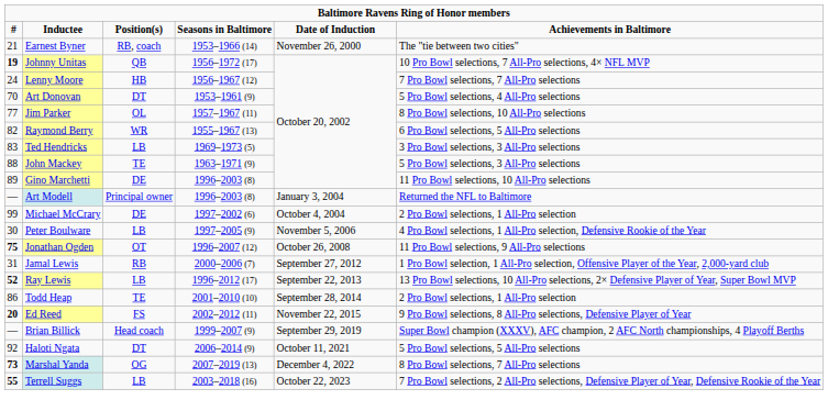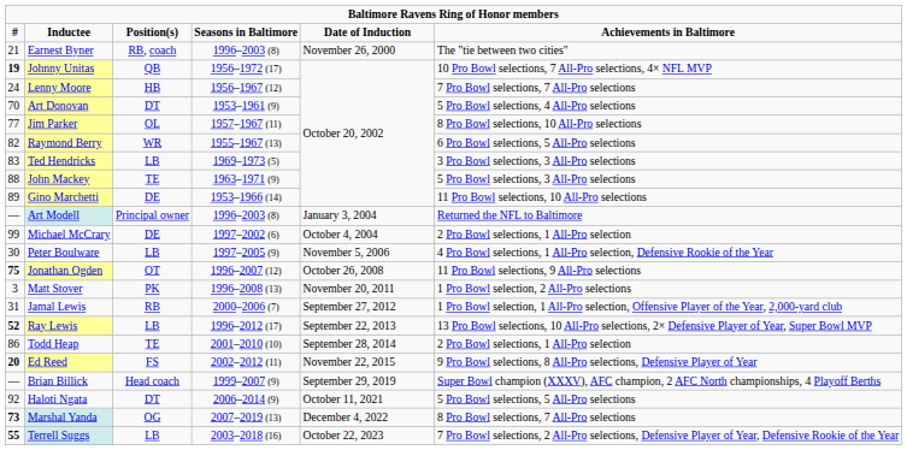 <table class="wikitable">
 <tr>
 <td colspan=6 style="text-align:center; "><strong>Baltimore Ravens Ring of Honor members</strong></td>
 </tr>
 <tr align="center">
 <td style="width:20px"><strong>#</strong></td>
 <td><strong>Inductee</strong></td>
 <td><strong>Position(s)</strong></td>
 <td><strong>Seasons in Baltimore</strong></td>
 <td style="width:15%"><strong>Date of Induction</strong></td>
 <td><strong>Achievements in Baltimore</strong></td>
 </tr>
 <tr>
 <td>21</td>
 <td><a href='#'>Earnest Byner</a></td>
 <td style="text-align:center;"><a href='#'>RB</a>, <a href='#'>coach</a></td>
-<td style="text-align:center;"><a href='#'>1953</a>–<a href='#'>1966</a> <small>(14)</small></td>
+<td style="text-align:center;"><a href='#'>1996</a>–<a href='#'>2003</a> <small>(8)</small></td>
 <td>November 26, 2000</td>
 <td>The "tie between two cities"</td>
 </tr>
 <tr>
 <td><strong>19</strong></td>
 <td style="background:#ff9"><a href='#'>Johnny Unitas</a></td>
 <td style="text-align:center;"><a href='#'>QB</a></td>
 <td style="text-align:center;"><a href='#'>1956</a>–<a href='#'>1972</a> <small>(17)</small></td>
 <td rowspan=8>October 20, 2002</td>
 <td>10 <a href='#'>Pro Bowl</a> selections, 7 <a href='#'>All-Pro</a> selections, 4× <a href='#'>NFL MVP</a></td>
 </tr>
 <tr>
 <td>24</td>
 <td style="background:#ff9"><a href='#'>Lenny Moore</a></td>
 <td style="text-align:center;"><a href='#'>HB</a></td>
 <td style="text-align:center;"><a href='#'>1956</a>–<a href='#'>1967</a> <small>(12)</small></td>
 <td>7 <a href='#'>Pro Bowl</a> selections, 7 <a href='#'>All-Pro</a> selections</td>
 </tr>
 <tr>
 <td>70</td>
 <td style="background:#ff9"><a href='#'>Art Donovan</a></td>
 <td style="text-align:center;"><a href='#'>DT</a></td>
 <td style="text-align:center;"><a href='#'>1953</a>–<a href='#'>1961</a> <small>(9)</small></td>
 <td>5 <a href='#'>Pro Bowl</a> selections, 4 <a href='#'>All-Pro</a> selections</td>
 </tr>
 <tr>
 <td>77</td>
 <td style="background:#ff9"><a href='#'>Jim Parker</a></td>
 <td style="text-align:center;"><a href='#'>OL</a></td>
 <td style="text-align:center;"><a href='#'>1957</a>–<a href='#'>1967</a> <small>(11)</small></td>
 <td>8 <a href='#'>Pro Bowl</a> selections, 10 <a href='#'>All-Pro</a> selections</td>
 </tr>
 <tr>
 <td>82</td>
 <td style="background:#ff9"><a href='#'>Raymond Berry</a></td>
 <td style="text-align:center;"><a href='#'>WR</a></td>
 <td style="text-align:center;"><a href='#'>1955</a>–<a href='#'>1967</a> <small>(13)</small></td>
 <td>6 <a href='#'>Pro Bowl</a> selections, 5 <a href='#'>All-Pro</a> selections</td>
 </tr>
 <tr>
 <td>83</td>
 <td style="background:#ff9"><a href='#'>Ted Hendricks</a></td>
 <td style="text-align:center;"><a href='#'>LB</a></td>
 <td style="text-align:center;"><a href='#'>1969</a>–<a href='#'>1973</a> <small>(5)</small></td>
 <td>3 <a href='#'>Pro Bowl</a> selections, 3 <a href='#'>All-Pro</a> selections</td>
 </tr>
 <tr>
 <td>88</td>
 <td style="background:#ff9"><a href='#'>John Mackey</a></td>
 <td style="text-align:center;"><a href='#'>TE</a></td>
 <td style="text-align:center;"><a href='#'>1963</a>–<a href='#'>1971</a> <small>(9)</small></td>
 <td>5 <a href='#'>Pro Bowl</a> selections, 3 <a href='#'>All-Pro</a> selections</td>
 </tr>
 <tr>
 <td>89</td>
 <td style="background:#ff9"><a href='#'>Gino Marchetti</a></td>
 <td style="text-align:center;"><a href='#'>DE</a></td>
-<td style="text-align:center;"><a href='#'>1996</a>–<a href='#'>2003</a> <small>(8)</small></td>
+<td style="text-align:center;"><a href='#'>1953</a>–<a href='#'>1966</a> <small>(14)</small></td>
 <td>11 <a href='#'>Pro Bowl</a> selections, 10 <a href='#'>All-Pro</a> selections</td>
 </tr>
 <tr>
 <td>—</td>
 <td style="background:#cfecec"><a href='#'>Art Modell</a></td>
 <td style="text-align:center;"><a href='#'>Principal owner</a></td>
 <td style="text-align:center;"><a href='#'>1996</a>–<a href='#'>2003</a> <small>(8)</small></td>
 <td>January 3, 2004</td>
 <td><a href='#'>Returned the NFL to Baltimore</a></td>
 </tr>
 <tr>
 <td>99</td>
 <td><a href='#'>Michael McCrary</a></td>
 <td style="text-align:center;"><a href='#'>DE</a></td>
 <td style="text-align:center;"><a href='#'>1997</a>–<a href='#'>2002</a> <small>(6)</small></td>
 <td>October 4, 2004</td>
 <td>2 <a href='#'>Pro Bowl</a> selections, 1 <a href='#'>All-Pro</a> selection</td>
 </tr>
 <tr>
 <td>30</td>
 <td><a href='#'>Peter Boulware</a></td>
 <td style="text-align:center;"><a href='#'>LB</a></td>
 <td style="text-align:center;"><a href='#'>1997</a>–<a href='#'>2005</a> <small>(9)</small></td>
 <td>November 5, 2006</td>
 <td>4 <a href='#'>Pro Bowl</a> selections, 1 <a href='#'>All-Pro</a> selection, <a href='#'>Defensive Rookie of the Year</a></td>
 </tr>
 <tr>
 <td><strong>75</strong></td>
 <td style="background:#ff9"><a href='#'>Jonathan Ogden</a></td>
 <td style="text-align:center;"><a href='#'>OT</a></td>
 <td style="text-align:center;"><a href='#'>1996</a>–<a href='#'>2007</a> <small>(12)</small></td>
 <td>October 26, 2008</td>
 <td>11 <a href='#'>Pro Bowl</a> selections, 9 <a href='#'>All-Pro</a> selections</td>
+</tr>
+<tr>
+<td style="text-align:center;">3</td>
+<td><a href='#'>Matt Stover</a></td>
+<td style="text-align:center;"><a href='#'>PK</a></td>
+<td style="text-align:center;"><a href='#'>1996</a>–<a href='#'>2008</a> <small>(13)</small></td>
+<td>November 20, 2011</td>
+<td>1 <a href='#'>Pro Bowl</a> selection, 2 <a href='#'>All-Pro</a> selections</td>
 </tr>
 <tr>
 <td>31</td>
 <td><a href='#'>Jamal Lewis</a></td>
 <td style="text-align:center;"><a href='#'>RB</a></td>
 <td style="text-align:center;"><a href='#'>2000</a>–<a href='#'>2006</a> <small>(7)</small></td>
 <td>September 27, 2012</td>
 <td>1 <a href='#'>Pro Bowl</a> selection, 1 <a href='#'>All-Pro</a> selection, <a href='#'>Offensive Player of the Year</a>, <a href='#'>2,000-yard club</a></td>
 </tr>
 <tr>
 <td><strong>52</strong></td>
 <td style="background:#ff9"><a href='#'>Ray Lewis</a></td>
 <td style="text-align:center;"><a href='#'>LB</a></td>
 <td style="text-align:center;"><a href='#'>1996</a>–<a href='#'>2012</a> <small>(17)</small></td>
 <td>September 22, 2013</td>
 <td>13 <a href='#'>Pro Bowl</a> selections, 10 <a href='#'>All-Pro</a> selections, 2× <a href='#'>Defensive Player of Year</a>, <a href='#'>Super Bowl MVP</a></td>
 </tr>
 <tr>
 <td>86</td>
 <td><a href='#'>Todd Heap</a></td>
 <td style="text-align:center;"><a href='#'>TE</a></td>
 <td style="text-align:center;"><a href='#'>2001</a>–<a href='#'>2010</a> <small>(10)</small></td>
 <td>September 28, 2014</td>
 <td>2 <a href='#'>Pro Bowl</a> selections, 1 <a href='#'>All-Pro</a> selection</td>
 </tr>
 <tr>
 <td><strong>20</strong></td>
 <td style="background:#ff9"><a href='#'>Ed Reed</a></td>
 <td style="text-align:center;"><a href='#'>FS</a></td>
 <td style="text-align:center;"><a href='#'>2002</a>–<a href='#'>2012</a> <small>(11)</small></td>
 <td>November 22, 2015</td>
 <td>9 <a href='#'>Pro Bowl</a> selections, 8 <a href='#'>All-Pro</a> selections, <a href='#'>Defensive Player of Year</a></td>
 </tr>
 <tr>
 <td>—</td>
 <td><a href='#'>Brian Billick</a></td>
 <td style="text-align:center;"><a href='#'>Head coach</a></td>
 <td style="text-align:center;"><a href='#'>1999</a>–<a href='#'>2007</a> <small>(9)</small></td>
 <td>September 29, 2019</td>
 <td><a href='#'>Super Bowl</a> champion (<a href='#'>XXXV</a>), <a href='#'>AFC</a> champion, 2 <a href='#'>AFC North</a> championships, 4 <a href='#'>Playoff Berths</a></td>
 </tr>
 <tr>
 <td>92</td>
 <td><a href='#'>Haloti Ngata</a></td>
 <td style="text-align:center;"><a href='#'>DT</a></td>
 <td style="text-align:center;"><a href='#'>2006</a>–<a href='#'>2014</a><small> (9)</small></td>
 <td>October 11, 2021</td>
 <td>5 <a href='#'>Pro Bowl</a> selections, 5 <a href='#'>All-Pro</a> selections</td>
 </tr>
 <tr>
 <td><strong>73</strong></td>
 <td style="background:#cfecec"><a href='#'>Marshal Yanda</a></td>
 <td style="text-align:center;"><a href='#'>OG</a></td>
 <td style="text-align:center;"><a href='#'>2007</a>–<a href='#'>2019</a><small> (13)</small></td>
 <td>December 4, 2022</td>
 <td>8 <a href='#'>Pro Bowl</a> selections, 7 <a href='#'>All-Pro</a> selections</td>
 </tr>
 <tr>
 <td><strong>55</strong></td>
 <td style="background:#cfecec"><a href='#'>Terrell Suggs</a></td>
 <td style="text-align:center;"><a href='#'>LB</a></td>
 <td style="text-align:center;"><a href='#'>2003</a>–<a href='#'>2018</a><small> (16)</small></td>
 <td>October 22, 2023</td>
 <td>7 <a href='#'>Pro Bowl</a> selections, 2 <a href='#'>All-Pro</a> selections, <a href='#'>Defensive Player of Year</a>, <a href='#'>Defensive Rookie of the Year</a></td>
 </tr>
 </table>
